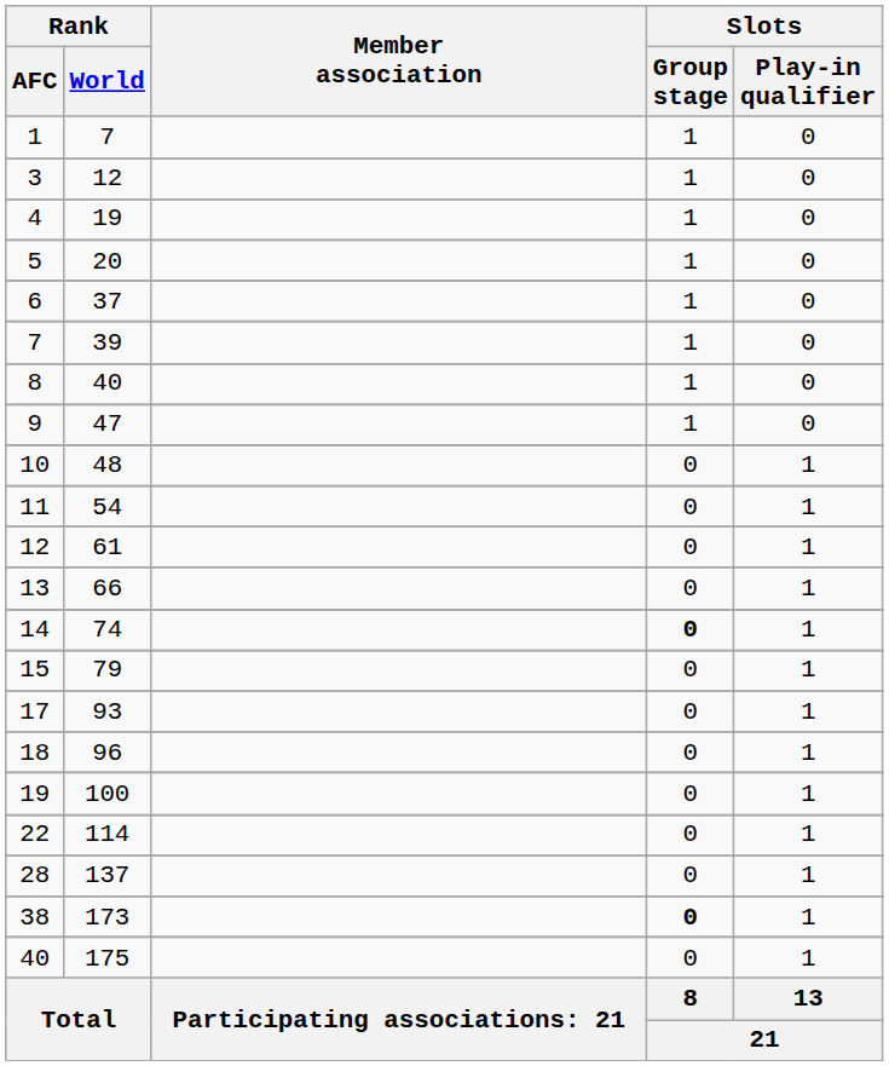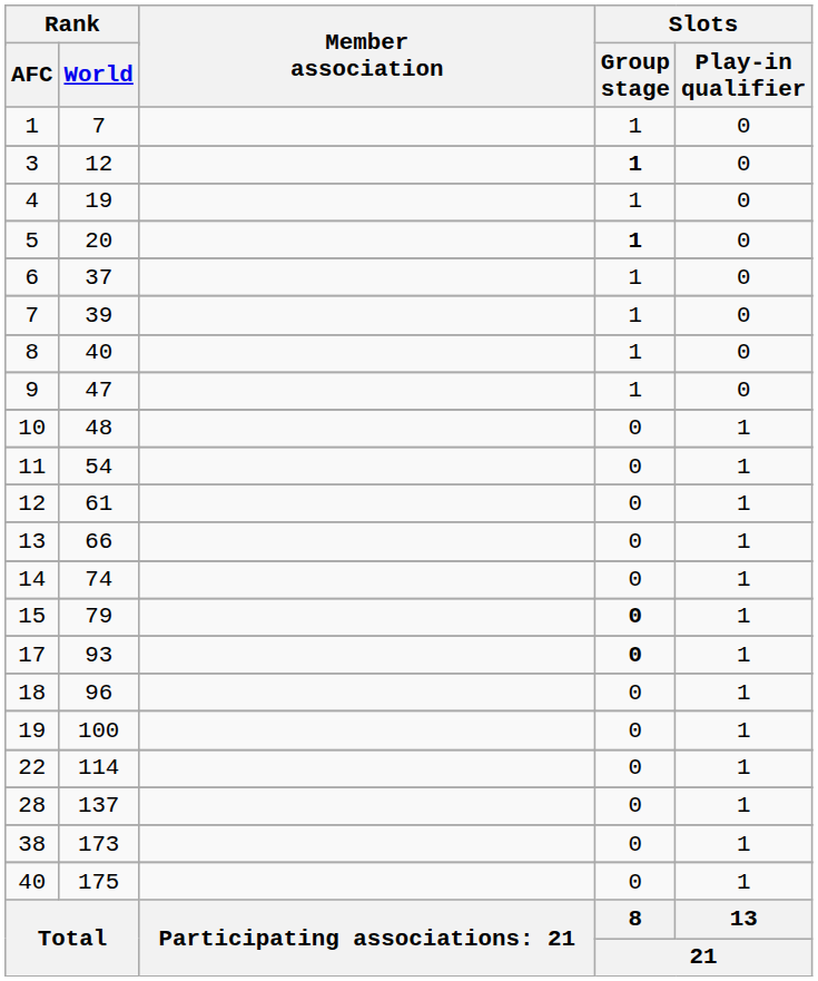 <table class="wikitable" style="margin-left: auto; margin-right: auto; border: none; text-align: center;">
 <tr>
 <th colspan=2 rowspan=2>Rank</th>
 <th rowspan=3 width=250>Member<br>association</th>
 <th colspan=3>Slots</th>
 </tr>
 <tr>
 <th rowspan=2>Group<br>stage</th>
 <th rowspan=2>Play-in<br>qualifier</th>
 </tr>
 <tr>
 <th>AFC</th>
 <th><a href='#'>World</a></th>
 </tr>
 <tr bgcolor=>
 <td>1</td>
 <td>7</td>
 <td align=left></td>
 <td>1</td>
 <td>0</td>
 </tr>
 <tr>
 </tr>
 <tr bgcolor=>
 <td>3</td>
 <td>12</td>
 <td align=left></td>
-<td>1</td>
+<td><strong>1</strong></td>
 <td>0</td>
 </tr>
 <tr>
 </tr>
 <tr bgcolor=>
 <td>4</td>
 <td>19</td>
 <td align=left></td>
 <td>1</td>
 <td>0</td>
 </tr>
 <tr>
 </tr>
 <tr bgcolor=>
 <td>5</td>
 <td>20</td>
 <td align=left></td>
-<td>1</td>
+<td><strong>1</strong></td>
 <td>0</td>
 </tr>
 <tr>
 </tr>
 <tr bgcolor=>
 <td>6</td>
 <td>37</td>
 <td align=left></td>
 <td>1</td>
 <td>0</td>
 </tr>
 <tr>
 </tr>
 <tr bgcolor=>
 <td>7</td>
 <td>39</td>
 <td align=left></td>
 <td>1</td>
 <td>0</td>
 </tr>
 <tr>
 </tr>
 <tr bgcolor=>
 <td>8</td>
 <td>40</td>
 <td align=left></td>
 <td>1</td>
 <td>0</td>
 </tr>
 <tr>
 </tr>
 <tr bgcolor=>
 <td>9</td>
 <td>47</td>
 <td align=left></td>
 <td>1</td>
 <td>0</td>
 </tr>
 <tr>
 </tr>
 <tr bgcolor=>
 <td>10</td>
 <td>48</td>
 <td align=left></td>
 <td>0</td>
 <td>1</td>
 </tr>
 <tr>
 </tr>
 <tr bgcolor=>
 <td>11</td>
 <td>54</td>
 <td align=left></td>
 <td>0</td>
 <td>1</td>
 </tr>
 <tr>
 </tr>
 <tr bgcolor=>
 <td>12</td>
 <td>61</td>
 <td align=left></td>
 <td>0</td>
 <td>1</td>
 </tr>
 <tr>
 </tr>
 <tr bgcolor=>
 <td>13</td>
 <td>66</td>
 <td align=left></td>
 <td>0</td>
 <td>1</td>
 </tr>
 <tr>
 </tr>
 <tr bgcolor=>
 <td>14</td>
 <td>74</td>
 <td align=left></td>
-<td><strong>0</strong></td>
+<td>0</td>
 <td>1</td>
 </tr>
 <tr>
 </tr>
 <tr bgcolor=>
 <td>15</td>
 <td>79</td>
 <td align=left></td>
-<td>0</td>
+<td><strong>0</strong></td>
 <td>1</td>
 </tr>
 <tr>
 </tr>
 <tr bgcolor=>
 <td>17</td>
 <td>93</td>
 <td align=left></td>
-<td>0</td>
+<td><strong>0</strong></td>
 <td>1</td>
 </tr>
 <tr>
 </tr>
 <tr bgcolor=>
 <td>18</td>
 <td>96</td>
 <td align=left></td>
 <td>0</td>
 <td>1</td>
 </tr>
 <tr>
 </tr>
 <tr bgcolor=>
 <td>19</td>
 <td>100</td>
 <td align=left></td>
 <td>0</td>
 <td>1</td>
 </tr>
 <tr>
 </tr>
 <tr bgcolor=>
 <td>22</td>
 <td>114</td>
 <td align=left></td>
 <td>0</td>
 <td>1</td>
 </tr>
 <tr>
 </tr>
 <tr bgcolor=>
 <td>28</td>
 <td>137</td>
 <td align=left></td>
 <td>0</td>
 <td>1</td>
 </tr>
 <tr>
 </tr>
 <tr bgcolor=>
 <td>38</td>
 <td>173</td>
 <td align=left></td>
-<td><strong>0</strong></td>
+<td>0</td>
 <td>1</td>
 </tr>
 <tr>
 </tr>
 <tr bgcolor=>
 <td>40</td>
 <td>175</td>
 <td align=left></td>
 <td>0</td>
 <td>1</td>
 </tr>
 <tr>
 <th colspan=2 rowspan=2>Total</th>
 <th rowspan=2>Participating associations: 21</th>
 <th>8</th>
 <th>13</th>
 </tr>
 <tr>
 <th colspan=3>21</th>
 </tr>
 </table>
